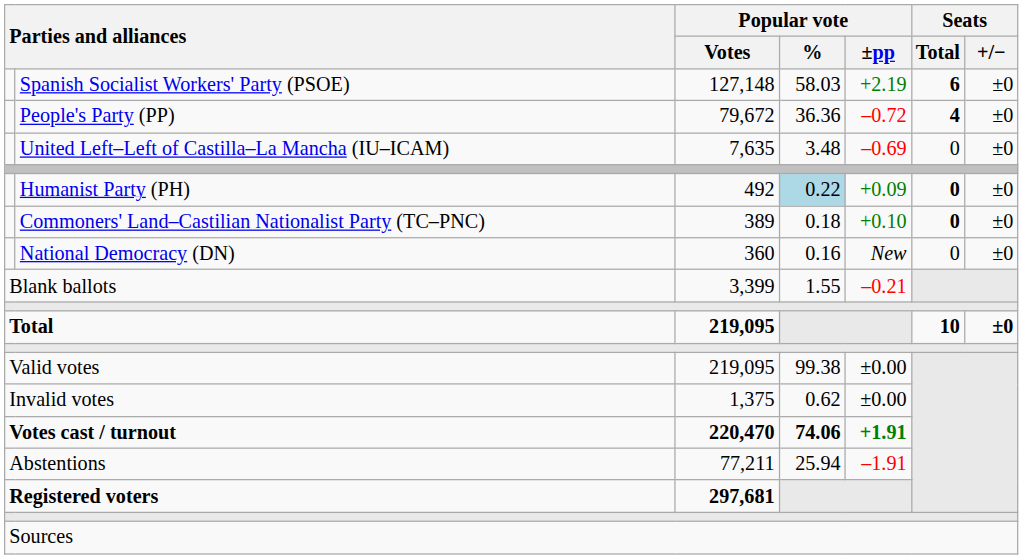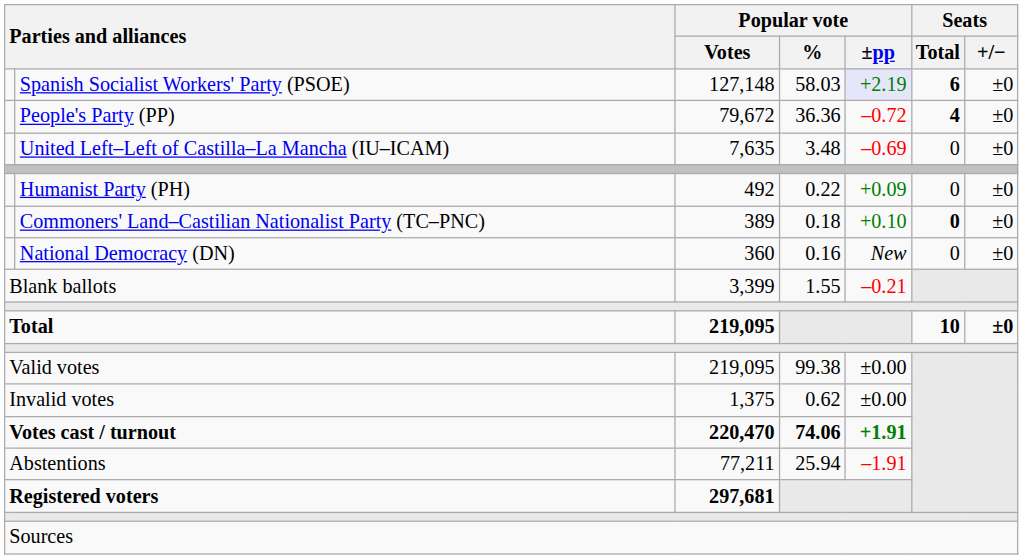 <table class="wikitable" style="text-align:right;">
 <tr>
 <th style="text-align:left;" rowspan="2" colspan="2" width="525">Parties and alliances</th>
 <th colspan="3">Popular vote</th>
 <th colspan="2">Seats</th>
 </tr>
 <tr>
 <th width="75">Votes</th>
 <th width="45">%</th>
 <th width="45">±<a href='#'>pp</a></th>
 <th width="35">Total</th>
 <th width="35">+/−</th>
 </tr>
 <tr>
 <td width="1" style="color:inherit;background:"></td>
 <td align="left"><a href='#'>Spanish Socialist Workers' Party</a> (PSOE)</td>
 <td>127,148</td>
 <td>58.03</td>
-<td style="color:green;">+2.19</td>
+<td style="background: lavender; color:green;">+2.19</td>
 <td><strong>6</strong></td>
 <td>±0</td>
 </tr>
 <tr>
 <td style="color:inherit;background:"></td>
 <td align="left"><a href='#'>People's Party</a> (PP)</td>
 <td>79,672</td>
 <td>36.36</td>
 <td style="color:red;">–0.72</td>
 <td><strong>4</strong></td>
 <td>±0</td>
 </tr>
 <tr>
 <td style="color:inherit;background:"></td>
 <td align="left"><a href='#'>United Left–Left of Castilla–La Mancha</a> (IU–ICAM)</td>
 <td>7,635</td>
 <td>3.48</td>
 <td style="color:red;">–0.69</td>
 <td>0</td>
 <td>±0</td>
 </tr>
 <tr>
 <td colspan="7" bgcolor="#C0C0C0"></td>
 </tr>
 <tr>
 <td style="color:inherit;background:"></td>
 <td align="left"><a href='#'>Humanist Party</a> (PH)</td>
 <td>492</td>
-<td style="background: lightblue;">0.22</td>
+<td>0.22</td>
 <td style="color:green;">+0.09</td>
-<td><strong>0</strong></td>
+<td>0</td>
 <td>±0</td>
 </tr>
 <tr>
 <td style="color:inherit;background:"></td>
 <td align="left"><a href='#'>Commoners' Land–Castilian Nationalist Party</a> (TC–PNC)</td>
 <td>389</td>
 <td>0.18</td>
 <td style="color:green;">+0.10</td>
 <td><strong>0</strong></td>
 <td>±0</td>
 </tr>
 <tr>
 <td style="color:inherit;background:"></td>
 <td align="left"><a href='#'>National Democracy</a> (DN)</td>
 <td>360</td>
 <td>0.16</td>
 <td><em>New</em></td>
 <td>0</td>
 <td>±0</td>
 </tr>
 <tr>
 <td align="left" colspan="2">Blank ballots</td>
 <td>3,399</td>
 <td>1.55</td>
 <td style="color:red;">–0.21</td>
 <td bgcolor="#E9E9E9" colspan="2"></td>
 </tr>
 <tr>
 <td colspan="7" bgcolor="#E9E9E9"></td>
 </tr>
 <tr style="font-weight:bold;">
 <td align="left" colspan="2">Total</td>
 <td>219,095</td>
 <td bgcolor="#E9E9E9" colspan="2"></td>
 <td>10</td>
 <td>±0</td>
 </tr>
 <tr>
 <td colspan="7" bgcolor="#E9E9E9"></td>
 </tr>
 <tr>
 <td align="left" colspan="2">Valid votes</td>
 <td>219,095</td>
 <td>99.38</td>
 <td>±0.00</td>
 <td bgcolor="#E9E9E9" colspan="2" rowspan="5"></td>
 </tr>
 <tr>
 <td align="left" colspan="2">Invalid votes</td>
 <td>1,375</td>
 <td>0.62</td>
 <td>±0.00</td>
 </tr>
 <tr style="font-weight:bold;">
 <td align="left" colspan="2">Votes cast / turnout</td>
 <td>220,470</td>
 <td>74.06</td>
 <td style="color:green;">+1.91</td>
 </tr>
 <tr>
 <td align="left" colspan="2">Abstentions</td>
 <td>77,211</td>
 <td>25.94</td>
 <td style="color:red;">–1.91</td>
 </tr>
 <tr style="font-weight:bold;">
 <td align="left" colspan="2">Registered voters</td>
 <td>297,681</td>
 <td bgcolor="#E9E9E9" colspan="2"></td>
 </tr>
 <tr>
 <td colspan="7" bgcolor="#E9E9E9"></td>
 </tr>
 <tr>
 <td align="left" colspan="7">Sources</td>
 </tr>
 </table>
